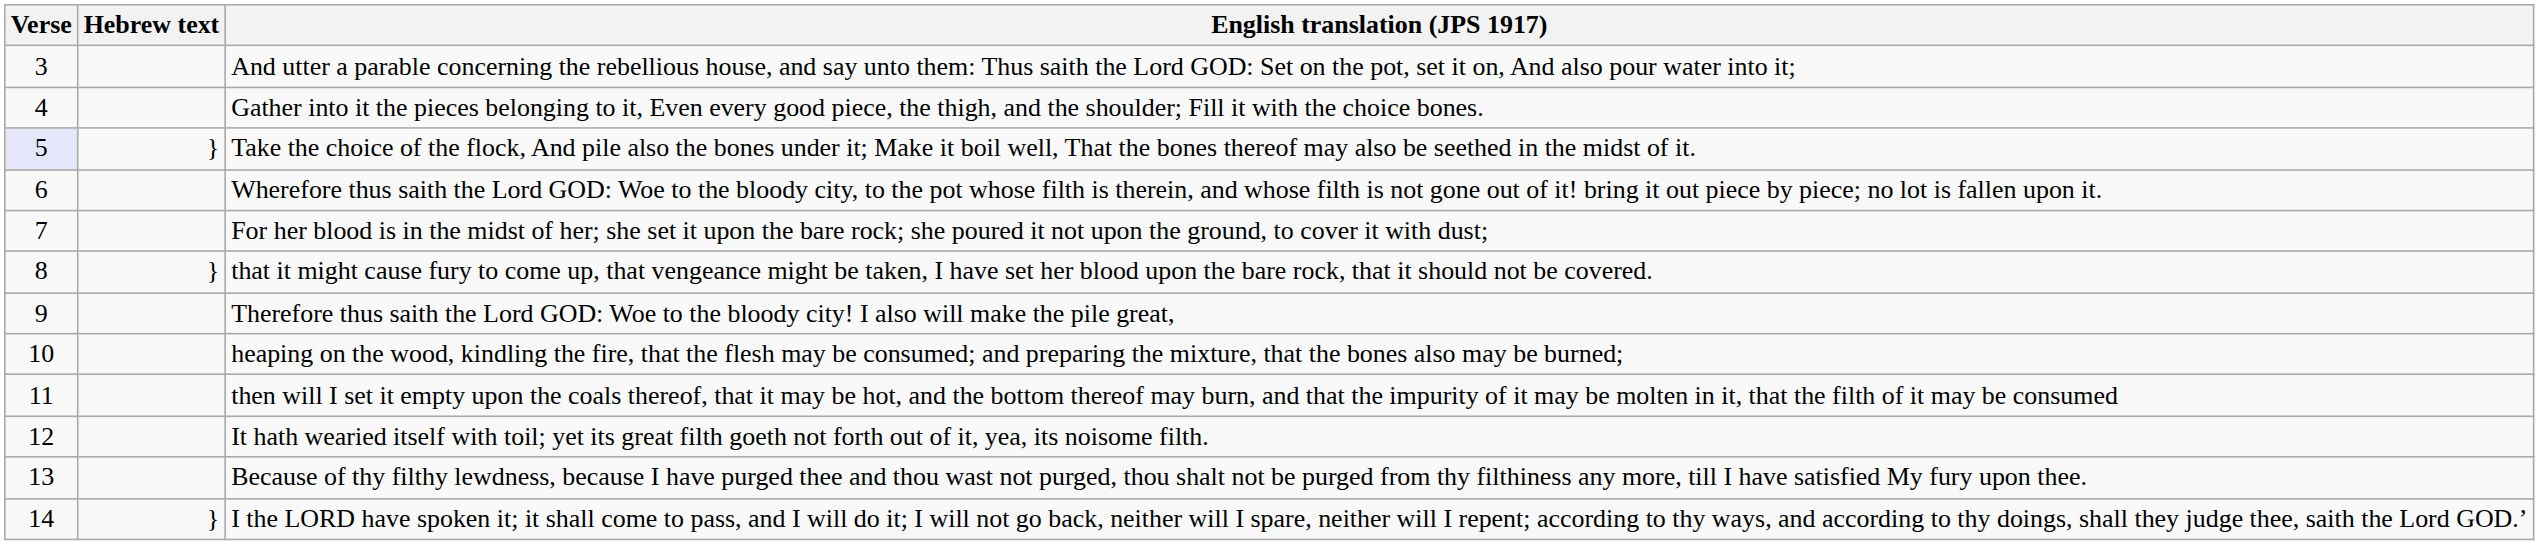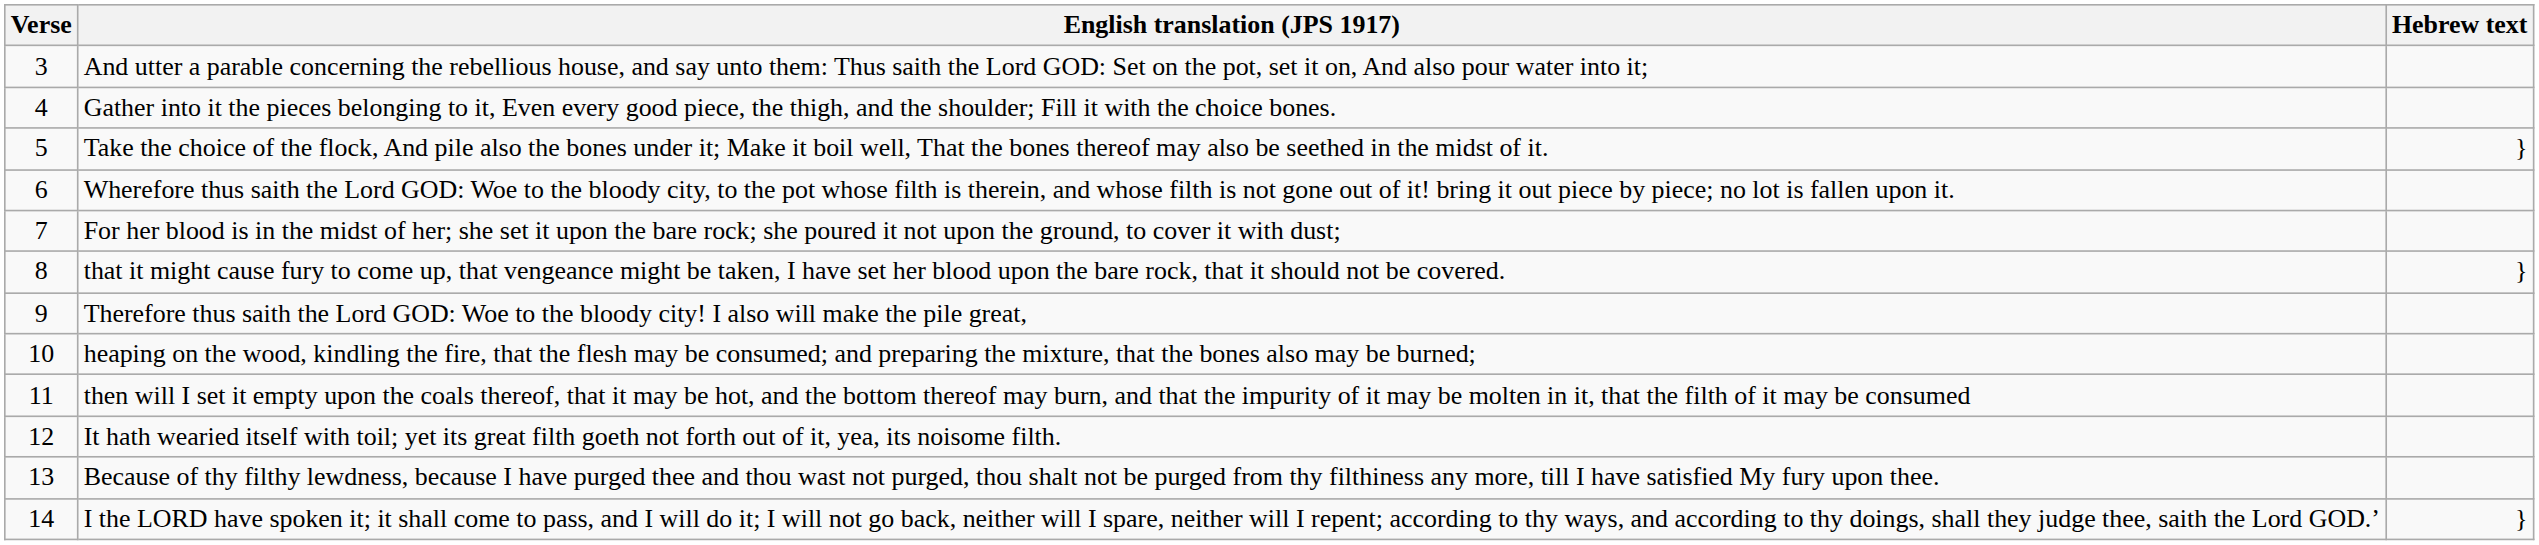 <table class="wikitable">
 <tr>
 <th>Verse</th>
+<th>English translation (JPS 1917)</th>
 <th>Hebrew text</th>
-<th>English translation (JPS 1917)</th>
 </tr>
 <tr>
 <td align="center">3</td>
+<td>And utter a parable concerning the rebellious house, and say unto them: Thus saith the Lord GOD: Set on the pot, set it on, And also pour water into it;</td>
 <td align="right"></td>
-<td>And utter a parable concerning the rebellious house, and say unto them: Thus saith the Lord GOD: Set on the pot, set it on, And also pour water into it;</td>
 </tr>
 <tr>
 <td align="center">4</td>
+<td>Gather into it the pieces belonging to it, Even every good piece, the thigh, and the shoulder; Fill it with the choice bones.</td>
 <td align="right"></td>
-<td>Gather into it the pieces belonging to it, Even every good piece, the thigh, and the shoulder; Fill it with the choice bones.</td>
 </tr>
 <tr>
-<td align="center" style="background: lavender;">5</td>
+<td align="center">5</td>
+<td>Take the choice of the flock, And pile also the bones under it; Make it boil well, That the bones thereof may also be seethed in the midst of it.</td>
 <td align="right">}</td>
-<td>Take the choice of the flock, And pile also the bones under it; Make it boil well, That the bones thereof may also be seethed in the midst of it.</td>
 </tr>
 <tr>
 <td align="center">6</td>
+<td>Wherefore thus saith the Lord GOD: Woe to the bloody city, to the pot whose filth is therein, and whose filth is not gone out of it! bring it out piece by piece; no lot is fallen upon it.</td>
 <td align="right"></td>
-<td>Wherefore thus saith the Lord GOD: Woe to the bloody city, to the pot whose filth is therein, and whose filth is not gone out of it! bring it out piece by piece; no lot is fallen upon it.</td>
 </tr>
 <tr>
 <td align="center">7</td>
+<td>For her blood is in the midst of her; she set it upon the bare rock; she poured it not upon the ground, to cover it with dust;</td>
 <td align="right"></td>
-<td>For her blood is in the midst of her; she set it upon the bare rock; she poured it not upon the ground, to cover it with dust;</td>
 </tr>
 <tr>
 <td align="center">8</td>
+<td>that it might cause fury to come up, that vengeance might be taken, I have set her blood upon the bare rock, that it should not be covered.</td>
 <td align="right">}</td>
-<td>that it might cause fury to come up, that vengeance might be taken, I have set her blood upon the bare rock, that it should not be covered.</td>
 </tr>
 <tr>
 <td align="center">9</td>
+<td>Therefore thus saith the Lord GOD: Woe to the bloody city! I also will make the pile great,</td>
 <td align="right"></td>
-<td>Therefore thus saith the Lord GOD: Woe to the bloody city! I also will make the pile great,</td>
 </tr>
 <tr>
 <td align="center">10</td>
+<td>heaping on the wood, kindling the fire, that the flesh may be consumed; and preparing the mixture, that the bones also may be burned;</td>
 <td align="right"></td>
-<td>heaping on the wood, kindling the fire, that the flesh may be consumed; and preparing the mixture, that the bones also may be burned;</td>
 </tr>
 <tr>
 <td align="center">11</td>
+<td>then will I set it empty upon the coals thereof, that it may be hot, and the bottom thereof may burn, and that the impurity of it may be molten in it, that the filth of it may be consumed</td>
 <td align="right"></td>
-<td>then will I set it empty upon the coals thereof, that it may be hot, and the bottom thereof may burn, and that the impurity of it may be molten in it, that the filth of it may be consumed</td>
 </tr>
 <tr>
 <td align="center">12</td>
+<td>It hath wearied itself with toil; yet its great filth goeth not forth out of it, yea, its noisome filth.</td>
 <td align="right"></td>
-<td>It hath wearied itself with toil; yet its great filth goeth not forth out of it, yea, its noisome filth.</td>
 </tr>
 <tr>
 <td align="center">13</td>
+<td>Because of thy filthy lewdness, because I have purged thee and thou wast not purged, thou shalt not be purged from thy filthiness any more, till I have satisfied My fury upon thee.</td>
 <td align="right"></td>
-<td>Because of thy filthy lewdness, because I have purged thee and thou wast not purged, thou shalt not be purged from thy filthiness any more, till I have satisfied My fury upon thee.</td>
 </tr>
 <tr>
 <td align="center">14</td>
+<td>I the LORD have spoken it; it shall come to pass, and I will do it; I will not go back, neither will I spare, neither will I repent; according to thy ways, and according to thy doings, shall they judge thee, saith the Lord GOD.’</td>
 <td align="right">}</td>
-<td>I the LORD have spoken it; it shall come to pass, and I will do it; I will not go back, neither will I spare, neither will I repent; according to thy ways, and according to thy doings, shall they judge thee, saith the Lord GOD.’</td>
 </tr>
 </table>
